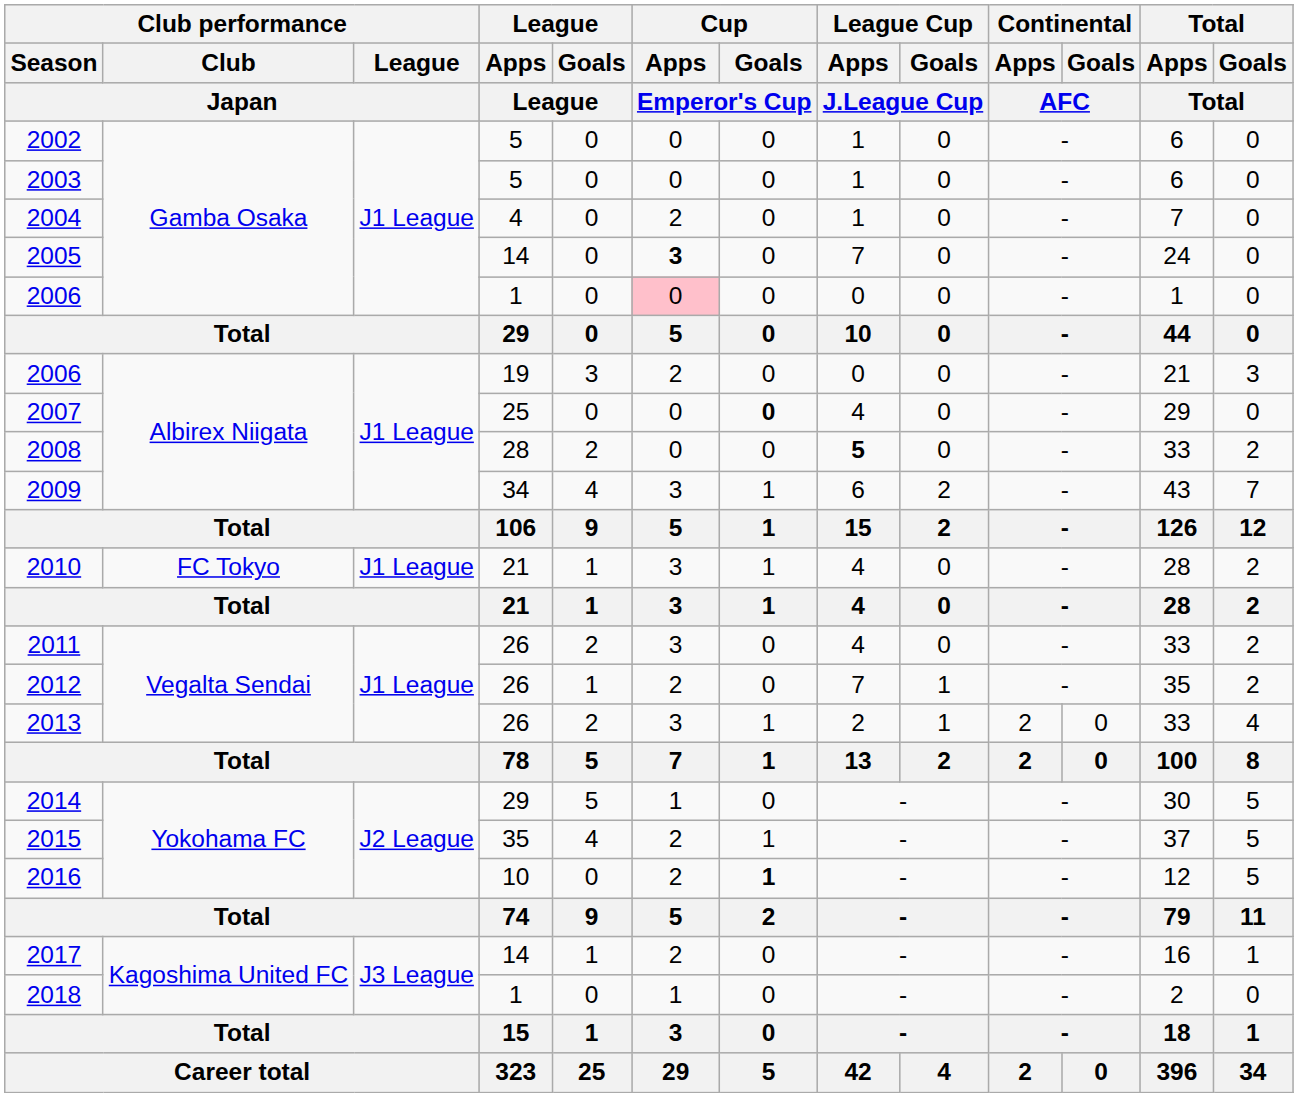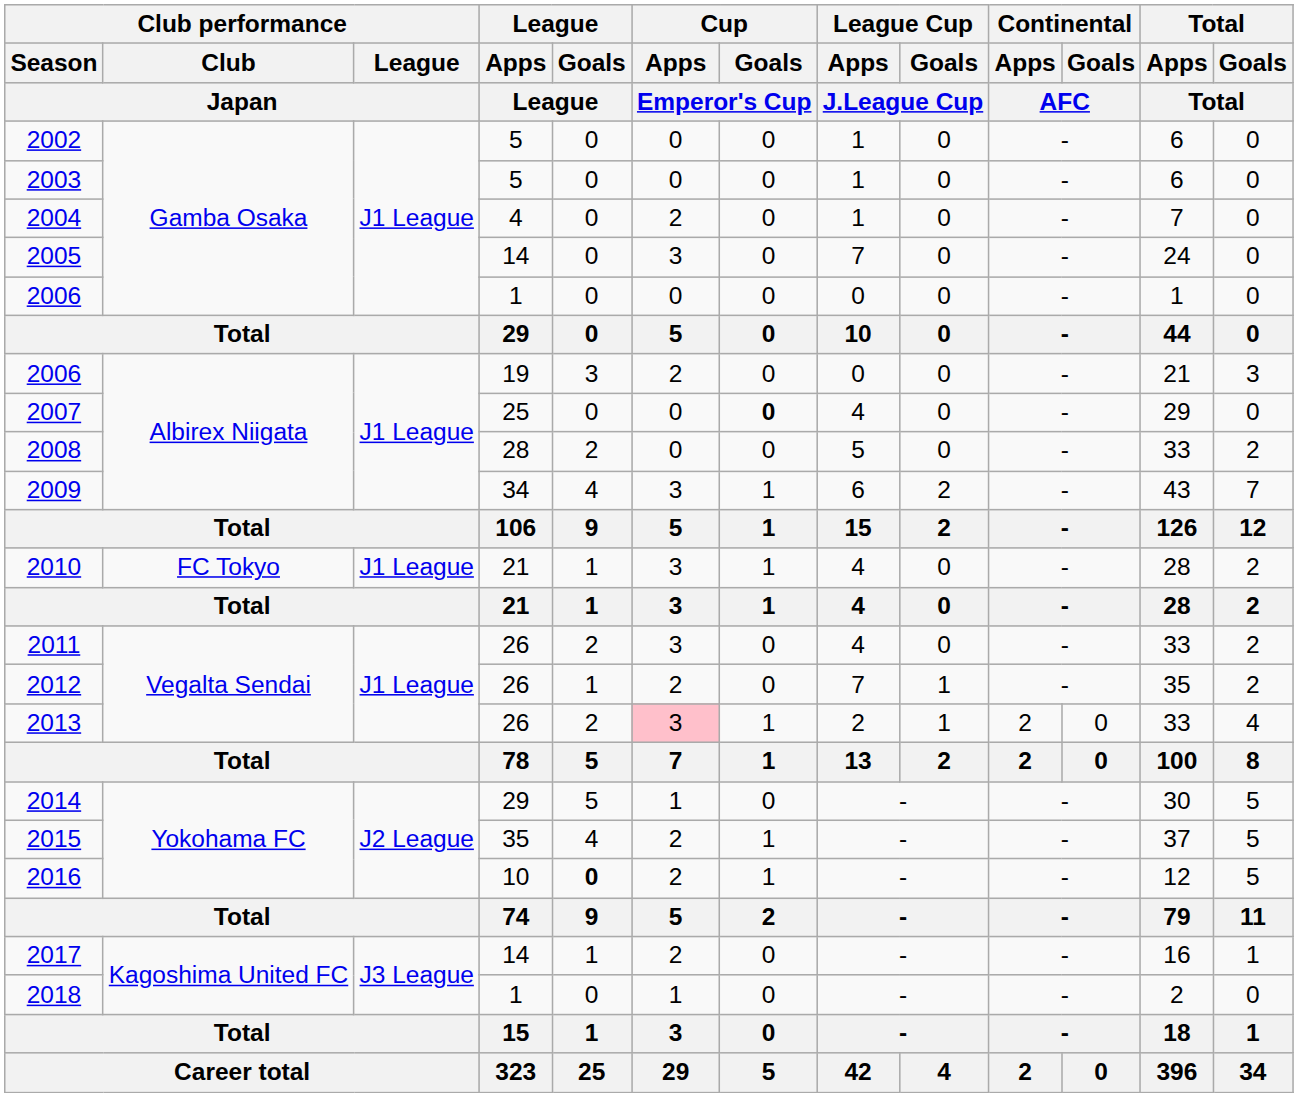 <table class="wikitable" style="text-align:center">
 <tr>
 <th colspan=3>Club performance</th>
 <th colspan=2>League</th>
 <th colspan=2>Cup</th>
 <th colspan=2>League Cup</th>
 <th colspan=2>Continental</th>
 <th colspan=2>Total</th>
 </tr>
 <tr>
 <th>Season</th>
 <th>Club</th>
 <th>League</th>
 <th>Apps</th>
 <th>Goals</th>
 <th>Apps</th>
 <th>Goals</th>
 <th>Apps</th>
 <th>Goals</th>
 <th>Apps</th>
 <th>Goals</th>
 <th>Apps</th>
 <th>Goals</th>
 </tr>
 <tr>
 <th colspan=3>Japan</th>
 <th colspan=2>League</th>
 <th colspan=2><a href='#'>Emperor's Cup</a></th>
 <th colspan=2><a href='#'>J.League Cup</a></th>
 <th colspan=2><a href='#'>AFC</a></th>
 <th colspan=2>Total</th>
 </tr>
 <tr>
 <td><a href='#'>2002</a></td>
 <td rowspan="5"><a href='#'>Gamba Osaka</a></td>
 <td rowspan="5"><a href='#'>J1 League</a></td>
 <td>5</td>
 <td>0</td>
 <td>0</td>
 <td>0</td>
 <td>1</td>
 <td>0</td>
 <td colspan="2">-</td>
 <td>6</td>
 <td>0</td>
 </tr>
 <tr>
 <td><a href='#'>2003</a></td>
 <td>5</td>
 <td>0</td>
 <td>0</td>
 <td>0</td>
 <td>1</td>
 <td>0</td>
 <td colspan="2">-</td>
 <td>6</td>
 <td>0</td>
 </tr>
 <tr>
 <td><a href='#'>2004</a></td>
 <td>4</td>
 <td>0</td>
 <td>2</td>
 <td>0</td>
 <td>1</td>
 <td>0</td>
 <td colspan="2">-</td>
 <td>7</td>
 <td>0</td>
 </tr>
 <tr>
 <td><a href='#'>2005</a></td>
 <td>14</td>
 <td>0</td>
-<td><strong>3</strong></td>
+<td>3</td>
 <td>0</td>
 <td>7</td>
 <td>0</td>
 <td colspan="2">-</td>
 <td>24</td>
 <td>0</td>
 </tr>
 <tr>
 <td><a href='#'>2006</a></td>
 <td>1</td>
 <td>0</td>
-<td style="background: pink;">0</td>
+<td>0</td>
 <td>0</td>
 <td>0</td>
 <td>0</td>
 <td colspan="2">-</td>
 <td>1</td>
 <td>0</td>
 </tr>
 <tr>
 <th colspan="3">Total</th>
 <th>29</th>
 <th>0</th>
 <th>5</th>
 <th>0</th>
 <th>10</th>
 <th>0</th>
 <th colspan="2">-</th>
 <th>44</th>
 <th>0</th>
 </tr>
 <tr>
 <td><a href='#'>2006</a></td>
 <td rowspan="4"><a href='#'>Albirex Niigata</a></td>
 <td rowspan="4"><a href='#'>J1 League</a></td>
 <td>19</td>
 <td>3</td>
 <td>2</td>
 <td>0</td>
 <td>0</td>
 <td>0</td>
 <td colspan="2">-</td>
 <td>21</td>
 <td>3</td>
 </tr>
 <tr>
 <td><a href='#'>2007</a></td>
 <td>25</td>
 <td>0</td>
 <td>0</td>
 <td><strong>0</strong></td>
 <td>4</td>
 <td>0</td>
 <td colspan="2">-</td>
 <td>29</td>
 <td>0</td>
 </tr>
 <tr>
 <td><a href='#'>2008</a></td>
 <td>28</td>
 <td>2</td>
 <td>0</td>
 <td>0</td>
-<td><strong>5</strong></td>
+<td>5</td>
 <td>0</td>
 <td colspan="2">-</td>
 <td>33</td>
 <td>2</td>
 </tr>
 <tr>
 <td><a href='#'>2009</a></td>
 <td>34</td>
 <td>4</td>
 <td>3</td>
 <td>1</td>
 <td>6</td>
 <td>2</td>
 <td colspan="2">-</td>
 <td>43</td>
 <td>7</td>
 </tr>
 <tr>
 <th colspan="3">Total</th>
 <th>106</th>
 <th>9</th>
 <th>5</th>
 <th>1</th>
 <th>15</th>
 <th>2</th>
 <th colspan="2">-</th>
 <th>126</th>
 <th>12</th>
 </tr>
 <tr>
 <td><a href='#'>2010</a></td>
 <td><a href='#'>FC Tokyo</a></td>
 <td><a href='#'>J1 League</a></td>
 <td>21</td>
 <td>1</td>
 <td>3</td>
 <td>1</td>
 <td>4</td>
 <td>0</td>
 <td colspan="2">-</td>
 <td>28</td>
 <td>2</td>
 </tr>
 <tr>
 <th colspan="3">Total</th>
 <th>21</th>
 <th>1</th>
 <th>3</th>
 <th>1</th>
 <th>4</th>
 <th>0</th>
 <th colspan="2">-</th>
 <th>28</th>
 <th>2</th>
 </tr>
 <tr>
 <td><a href='#'>2011</a></td>
 <td rowspan="3"><a href='#'>Vegalta Sendai</a></td>
 <td rowspan="3"><a href='#'>J1 League</a></td>
 <td>26</td>
 <td>2</td>
 <td>3</td>
 <td>0</td>
 <td>4</td>
 <td>0</td>
 <td colspan="2">-</td>
 <td>33</td>
 <td>2</td>
 </tr>
 <tr>
 <td><a href='#'>2012</a></td>
 <td>26</td>
 <td>1</td>
 <td>2</td>
 <td>0</td>
 <td>7</td>
 <td>1</td>
 <td colspan="2">-</td>
 <td>35</td>
 <td>2</td>
 </tr>
 <tr>
 <td><a href='#'>2013</a></td>
 <td>26</td>
 <td>2</td>
-<td>3</td>
+<td style="background: pink;">3</td>
 <td>1</td>
 <td>2</td>
 <td>1</td>
 <td>2</td>
 <td>0</td>
 <td>33</td>
 <td>4</td>
 </tr>
 <tr>
 <th colspan="3">Total</th>
 <th>78</th>
 <th>5</th>
 <th>7</th>
 <th>1</th>
 <th>13</th>
 <th>2</th>
 <th>2</th>
 <th>0</th>
 <th>100</th>
 <th>8</th>
 </tr>
 <tr>
 <td><a href='#'>2014</a></td>
 <td rowspan="3"><a href='#'>Yokohama FC</a></td>
 <td rowspan="3"><a href='#'>J2 League</a></td>
 <td>29</td>
 <td>5</td>
 <td>1</td>
 <td>0</td>
 <td colspan="2">-</td>
 <td colspan="2">-</td>
 <td>30</td>
 <td>5</td>
 </tr>
 <tr>
 <td><a href='#'>2015</a></td>
 <td>35</td>
 <td>4</td>
 <td>2</td>
 <td>1</td>
 <td colspan="2">-</td>
 <td colspan="2">-</td>
 <td>37</td>
 <td>5</td>
 </tr>
 <tr>
 <td><a href='#'>2016</a></td>
 <td>10</td>
-<td>0</td>
+<td><strong>0</strong></td>
 <td>2</td>
-<td><strong>1</strong></td>
+<td>1</td>
 <td colspan="2">-</td>
 <td colspan="2">-</td>
 <td>12</td>
 <td>5</td>
 </tr>
 <tr>
 <th colspan="3">Total</th>
 <th>74</th>
 <th>9</th>
 <th>5</th>
 <th>2</th>
 <th colspan="2">-</th>
 <th colspan="2">-</th>
 <th>79</th>
 <th>11</th>
 </tr>
 <tr>
 <td><a href='#'>2017</a></td>
 <td rowspan="2"><a href='#'>Kagoshima United FC</a></td>
 <td rowspan="2"><a href='#'>J3 League</a></td>
 <td>14</td>
 <td>1</td>
 <td>2</td>
 <td>0</td>
 <td colspan="2">-</td>
 <td colspan="2">-</td>
 <td>16</td>
 <td>1</td>
 </tr>
 <tr>
 <td><a href='#'>2018</a></td>
 <td>1</td>
 <td>0</td>
 <td>1</td>
 <td>0</td>
 <td colspan="2">-</td>
 <td colspan="2">-</td>
 <td>2</td>
 <td>0</td>
 </tr>
 <tr>
 <th colspan="3">Total</th>
 <th>15</th>
 <th>1</th>
 <th>3</th>
 <th>0</th>
 <th colspan="2">-</th>
 <th colspan="2">-</th>
 <th>18</th>
 <th>1</th>
 </tr>
 <tr>
 <th colspan=3>Career total</th>
 <th>323</th>
 <th>25</th>
 <th>29</th>
 <th>5</th>
 <th>42</th>
 <th>4</th>
 <th>2</th>
 <th>0</th>
 <th>396</th>
 <th>34</th>
 </tr>
 </table>
